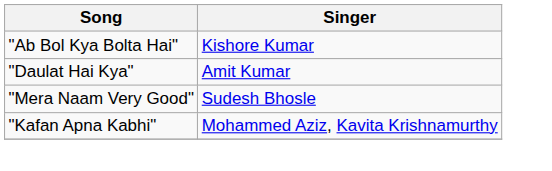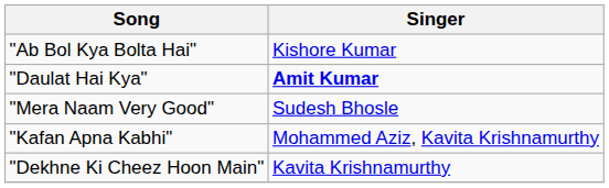 <table class="wikitable">
 <tr>
 <th>Song</th>
 <th>Singer</th>
 </tr>
 <tr>
 <td>"Ab Bol Kya Bolta Hai"</td>
 <td><a href='#'>Kishore Kumar</a></td>
 </tr>
 <tr>
 <td>"Daulat Hai Kya"</td>
-<td><a href='#'>Amit Kumar</a></td>
+<td><strong><a href='#'>Amit Kumar</a></strong></td>
 </tr>
 <tr>
 <td>"Mera Naam Very Good"</td>
 <td><a href='#'>Sudesh Bhosle</a></td>
 </tr>
 <tr>
 <td>"Kafan Apna Kabhi"</td>
 <td><a href='#'>Mohammed Aziz</a>, <a href='#'>Kavita Krishnamurthy</a></td>
 </tr>
 <tr>
+<td>"Dekhne Ki Cheez Hoon Main"</td>
+<td><a href='#'>Kavita Krishnamurthy</a></td>
+</tr>
+<tr>
 </tr>
 </table>
